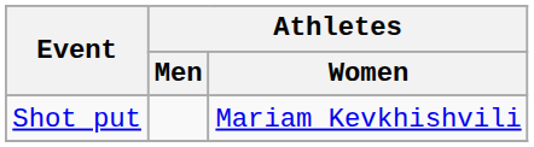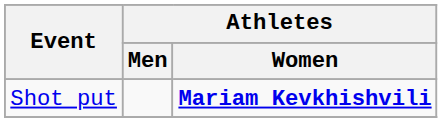 <table class=wikitable style="font-size:90%">
 <tr>
 <th rowspan=2>Event</th>
 <th colspan=2>Athletes</th>
 </tr>
 <tr>
 <th>Men</th>
 <th>Women</th>
 </tr>
 <tr>
 <td><a href='#'>Shot put</a></td>
 <td></td>
-<td><a href='#'>Mariam Kevkhishvili</a></td>
+<td><strong><a href='#'>Mariam Kevkhishvili</a></strong></td>
 </tr>
 <tr>
 </tr>
 </table>
